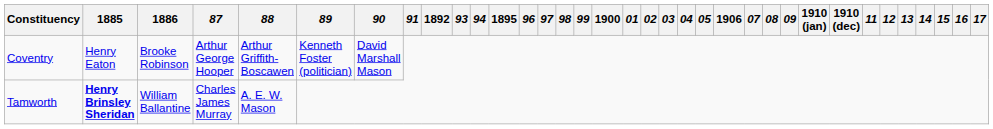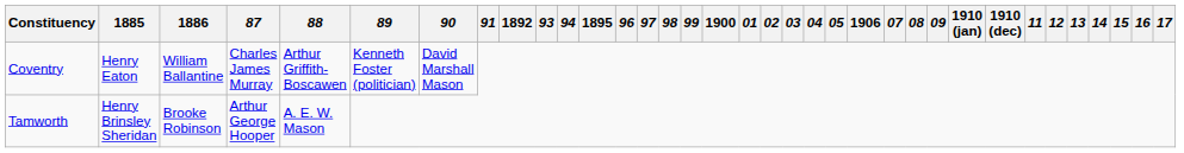 <table class="wikitable">
 <tr>
 <th>Constituency</th>
 <th>1885</th>
 <th>1886</th>
 <th><em>87</em></th>
 <th><em>88</em></th>
 <th><em>89</em></th>
 <th><em>90</em></th>
 <th><em>91</em></th>
 <th>1892</th>
 <th><em>93</em></th>
 <th><em>94</em></th>
 <th>1895</th>
 <th><em>96</em></th>
 <th><em>97</em></th>
 <th><em>98</em></th>
 <th><em>99</em></th>
 <th>1900</th>
 <th><em>01</em></th>
 <th><em>02</em></th>
 <th><em>03</em></th>
 <th><em>04</em></th>
 <th><em>05</em></th>
 <th>1906</th>
 <th><em>07</em></th>
 <th><em>08</em></th>
 <th><em>09</em></th>
 <th>1910 (jan)</th>
 <th>1910 (dec)</th>
 <th><em>11</em></th>
 <th><em>12</em></th>
 <th><em>13</em></th>
 <th><em>14</em></th>
 <th><em>15</em></th>
 <th><em>16</em></th>
 <th><em>17</em></th>
 </tr>
 <tr>
 <td><a href='#'>Coventry</a></td>
 <td><a href='#'>Henry Eaton</a></td>
-<td><a href='#'>Brooke Robinson</a></td>
-<td><a href='#'>Arthur George Hooper</a></td>
+<td><a href='#'>William Ballantine</a></td>
+<td><a href='#'>Charles James Murray</a></td>
 <td><a href='#'>Arthur Griffith-Boscawen</a></td>
 <td><a href='#'>Kenneth Foster (politician)</a></td>
 <td><a href='#'>David Marshall Mason</a></td>
 </tr>
 <tr>
 <td><a href='#'>Tamworth</a></td>
-<td><strong><a href='#'>Henry Brinsley Sheridan</a></strong></td>
-<td><a href='#'>William Ballantine</a></td>
-<td><a href='#'>Charles James Murray</a></td>
+<td><a href='#'>Henry Brinsley Sheridan</a></td>
+<td><a href='#'>Brooke Robinson</a></td>
+<td><a href='#'>Arthur George Hooper</a></td>
 <td><a href='#'>A. E. W. Mason</a></td>
 </tr>
 </table>
